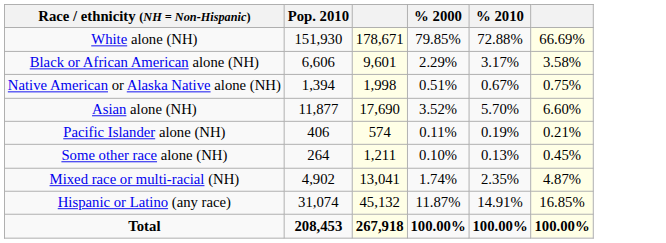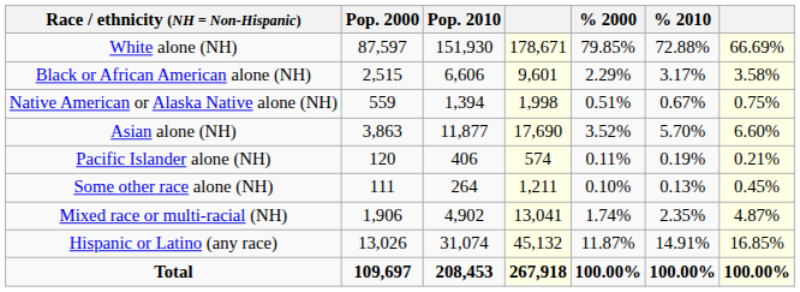 <table class="wikitable" style="text-align:center;">
 <tr>
 <th>Race / ethnicity <small>(<em>NH = Non-Hispanic</em>)</small></th>
+<th>Pop. 2000</th>
 <th>Pop. 2010</th>
 <th></th>
 <th>% 2000</th>
 <th>% 2010</th>
 <th></th>
 </tr>
 <tr>
 <td><a href='#'>White</a> alone (NH)</td>
+<td>87,597</td>
 <td>151,930</td>
 <td style='background: #ffffe6;'>178,671</td>
 <td>79.85%</td>
 <td>72.88%</td>
 <td style='background: #ffffe6;'>66.69%</td>
 </tr>
 <tr>
 <td><a href='#'>Black or African American</a> alone (NH)</td>
+<td>2,515</td>
 <td>6,606</td>
 <td style='background: #ffffe6;'>9,601</td>
 <td>2.29%</td>
 <td>3.17%</td>
 <td style='background: #ffffe6;'>3.58%</td>
 </tr>
 <tr>
 <td><a href='#'>Native American</a> or <a href='#'>Alaska Native</a> alone (NH)</td>
+<td>559</td>
 <td>1,394</td>
 <td style='background: #ffffe6;'>1,998</td>
 <td>0.51%</td>
 <td>0.67%</td>
 <td style='background: #ffffe6;'>0.75%</td>
 </tr>
 <tr>
 <td><a href='#'>Asian</a> alone (NH)</td>
+<td>3,863</td>
 <td>11,877</td>
 <td style='background: #ffffe6;'>17,690</td>
 <td>3.52%</td>
 <td>5.70%</td>
 <td style='background: #ffffe6;'>6.60%</td>
 </tr>
 <tr>
 <td><a href='#'>Pacific Islander</a> alone (NH)</td>
+<td>120</td>
 <td>406</td>
 <td style='background: #ffffe6;'>574</td>
 <td>0.11%</td>
 <td>0.19%</td>
 <td style='background: #ffffe6;'>0.21%</td>
 </tr>
 <tr>
 <td><a href='#'>Some other race</a> alone (NH)</td>
+<td>111</td>
 <td>264</td>
 <td style='background: #ffffe6;'>1,211</td>
 <td>0.10%</td>
 <td>0.13%</td>
 <td style='background: #ffffe6;'>0.45%</td>
 </tr>
 <tr>
 <td><a href='#'>Mixed race or multi-racial</a> (NH)</td>
+<td>1,906</td>
 <td>4,902</td>
 <td style='background: #ffffe6;'>13,041</td>
 <td>1.74%</td>
 <td>2.35%</td>
 <td style='background: #ffffe6;'>4.87%</td>
 </tr>
 <tr>
 <td><a href='#'>Hispanic or Latino</a> (any race)</td>
+<td>13,026</td>
 <td>31,074</td>
 <td style='background: #ffffe6;'>45,132</td>
 <td>11.87%</td>
 <td>14.91%</td>
 <td style='background: #ffffe6;'>16.85%</td>
 </tr>
 <tr>
 <td><strong>Total</strong></td>
+<td><strong>109,697</strong></td>
 <td><strong>208,453</strong></td>
 <td style='background: #ffffe6;'><strong>267,918</strong></td>
 <td><strong>100.00%</strong></td>
 <td><strong>100.00%</strong></td>
 <td style='background: #ffffe6;'><strong>100.00%</strong></td>
 </tr>
 </table>
